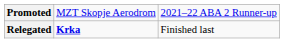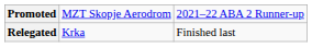 <table class="wikitable">
 <tr>
 <th>Promoted</th>
 <td> <a href='#'>MZT Skopje Aerodrom</a></td>
 <td><a href='#'>2021–22 ABA 2 Runner-up</a></td>
 </tr>
 <tr>
 <th>Relegated</th>
-<td><strong> <a href='#'>Krka</a></strong></td>
+<td> <a href='#'>Krka</a></td>
 <td>Finished last</td>
 </tr>
 </table>
